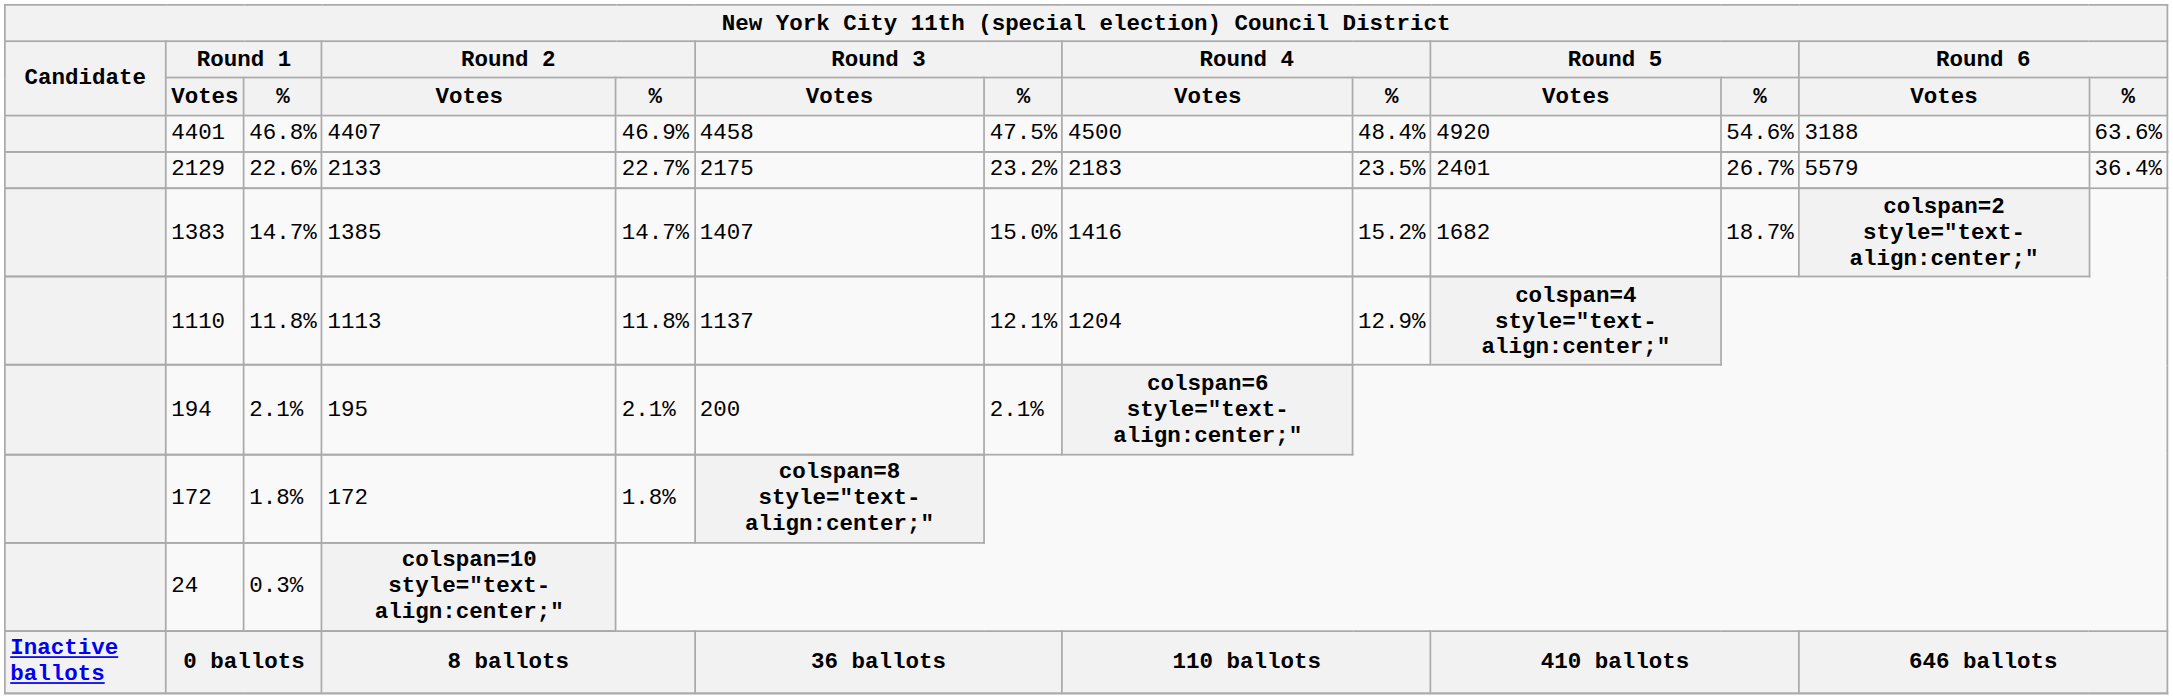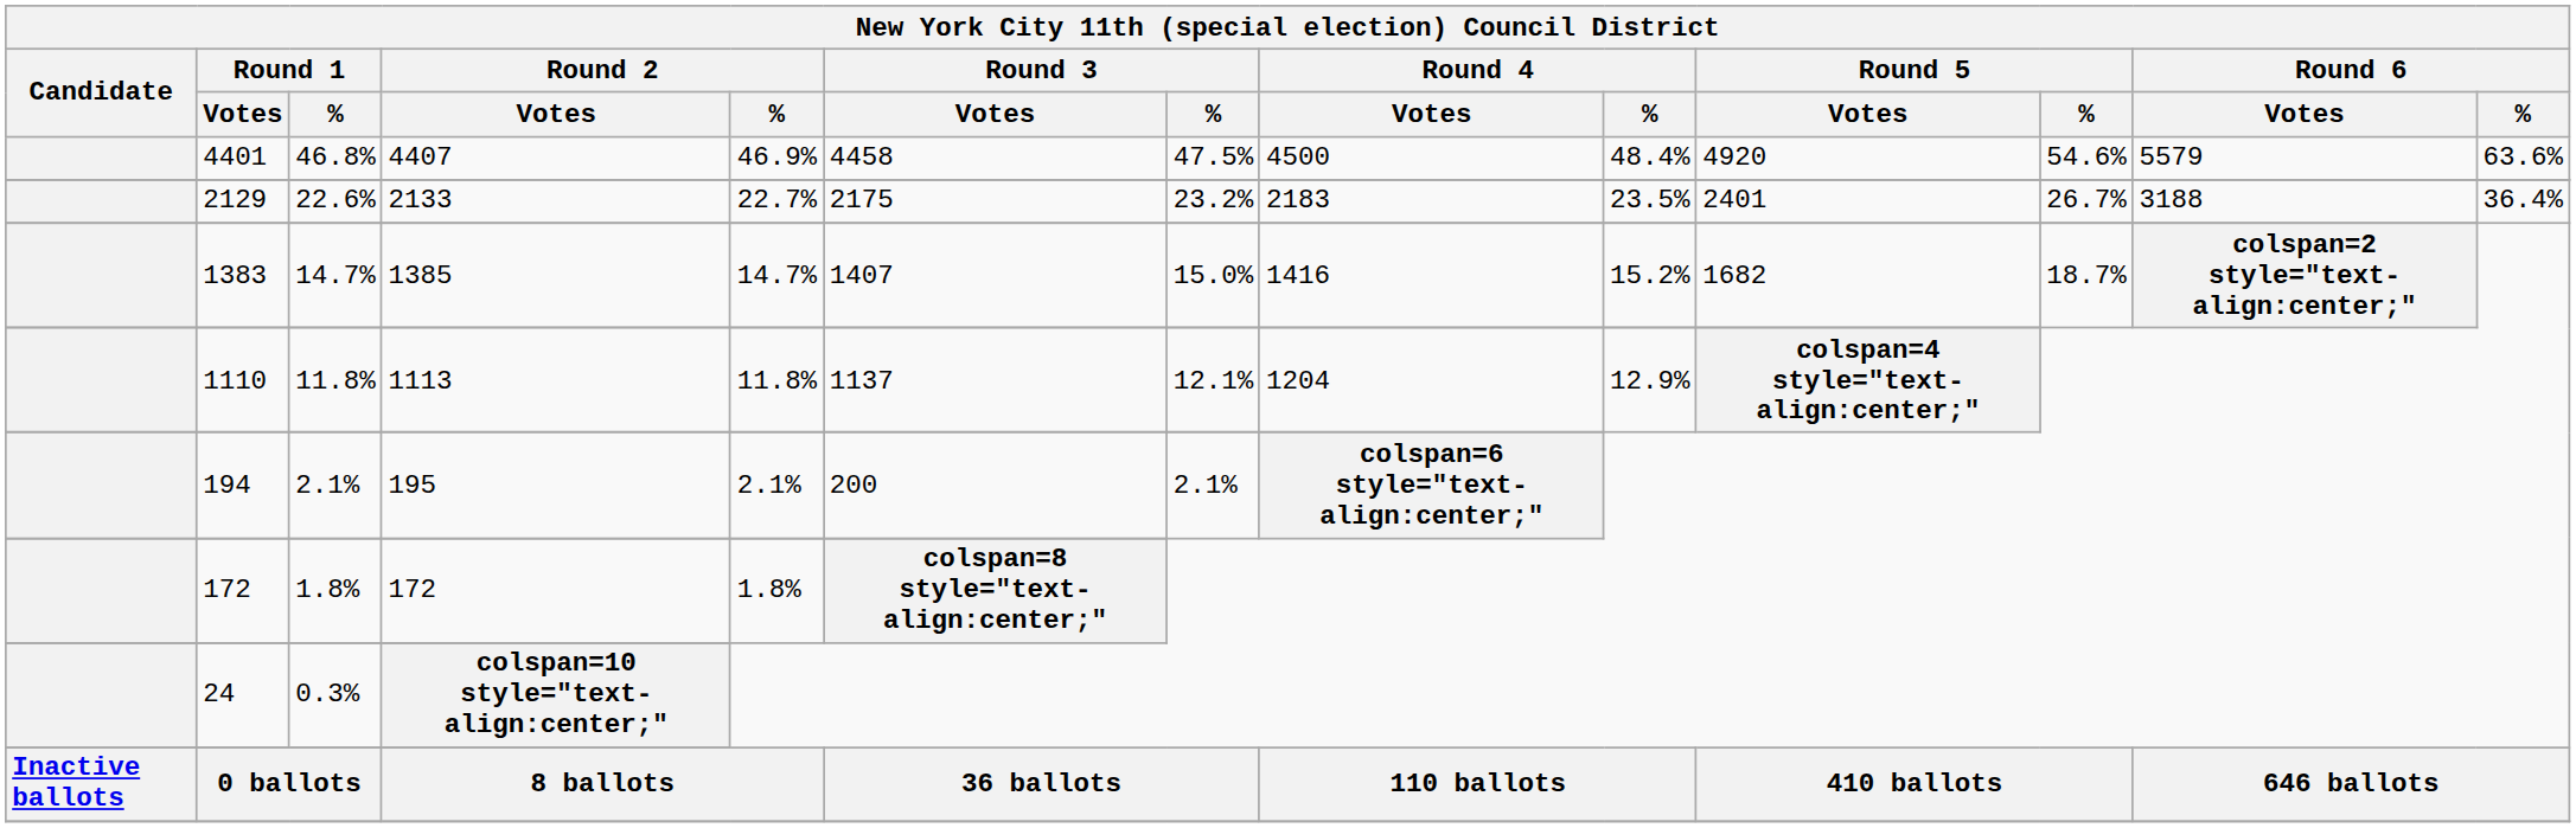 <table class="wikitable sortable">
 <tr>
 <th colspan=" 13 ">New York City 11th (special election) Council District</th>
 </tr>
 <tr style="background:#eee; text-align:center;">
 <th rowspan=2 style="text-align:center;">Candidate</th>
 <th colspan=2 style="text-align:center;">Round 1</th>
 <th colspan=2 style="text-align:center;">Round 2</th>
 <th colspan=2 style="text-align:center;">Round 3</th>
 <th colspan=2 style="text-align:center;">Round 4</th>
 <th colspan=2 style="text-align:center;">Round 5</th>
 <th colspan=2 style="text-align:center;">Round 6</th>
 </tr>
 <tr>
 <th>Votes</th>
 <th>%</th>
 <th>Votes</th>
 <th>%</th>
 <th>Votes</th>
 <th>%</th>
 <th>Votes</th>
 <th>%</th>
 <th>Votes</th>
 <th>%</th>
 <th>Votes</th>
 <th>%</th>
 </tr>
 <tr>
 <th scope="row" style="text-align:left;"></th>
 <td>4401</td>
 <td>46.8%</td>
 <td>4407</td>
 <td>46.9%</td>
 <td>4458</td>
 <td>47.5%</td>
 <td>4500</td>
 <td>48.4%</td>
 <td>4920</td>
 <td>54.6%</td>
-<td>3188</td>
+<td> 5579</td>
 <td> 63.6%</td>
 </tr>
 <tr>
 </tr>
 <tr>
 <th scope="row" style="text-align:left;"></th>
 <td>2129</td>
 <td>22.6%</td>
 <td>2133</td>
 <td>22.7%</td>
 <td>2175</td>
 <td>23.2%</td>
 <td>2183</td>
 <td>23.5%</td>
 <td>2401</td>
 <td>26.7%</td>
-<td> 5579</td>
+<td>3188</td>
 <td>36.4%</td>
 </tr>
 <tr>
 </tr>
 <tr>
 <th scope="row" style="text-align:left;"></th>
 <td>1383</td>
 <td>14.7%</td>
 <td>1385</td>
 <td>14.7%</td>
 <td>1407</td>
 <td>15.0%</td>
 <td>1416</td>
 <td>15.2%</td>
 <td>1682</td>
 <td>18.7%</td>
 <th>colspan=2 style="text-align:center;" </th>
 </tr>
 <tr>
 </tr>
 <tr>
 <th scope="row" style="text-align:left;"></th>
 <td>1110</td>
 <td>11.8%</td>
 <td>1113</td>
 <td>11.8%</td>
 <td>1137</td>
 <td>12.1%</td>
 <td>1204</td>
 <td>12.9%</td>
 <th>colspan=4 style="text-align:center;" </th>
 </tr>
 <tr>
 </tr>
 <tr>
 <th scope="row" style="text-align:left;"></th>
 <td>194</td>
 <td>2.1%</td>
 <td>195</td>
 <td>2.1%</td>
 <td>200</td>
 <td>2.1%</td>
 <th>colspan=6 style="text-align:center;" </th>
 </tr>
 <tr>
 </tr>
 <tr>
 <th scope="row" style="text-align:left;"></th>
 <td>172</td>
 <td>1.8%</td>
 <td>172</td>
 <td>1.8%</td>
 <th>colspan=8 style="text-align:center;" </th>
 </tr>
 <tr>
 </tr>
 <tr>
 <th scope="row" style="text-align:left;"></th>
 <td>24</td>
 <td>0.3%</td>
 <th>colspan=10 style="text-align:center;" </th>
 </tr>
 <tr>
 </tr>
 <tr>
 <th scope="row" style="text-align:left;"><a href='#'>Inactive ballots</a></th>
 <th colspan="2">0 ballots</th>
 <th colspan="2">8 ballots</th>
 <th colspan="2">36 ballots</th>
 <th colspan="2">110 ballots</th>
 <th colspan="2">410 ballots</th>
 <th colspan="2">646 ballots</th>
 </tr>
 <tr>
 </tr>
 </table>
